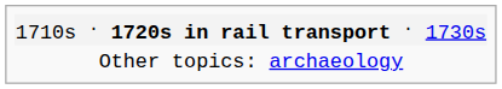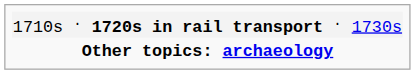 <table class="infobox">
 <tr style="background:#f3f3f3;">
 <td style="text-align:center;">1710s <sup>.</sup> <strong>1720s in rail transport</strong> <sup>.</sup> <a href='#'>1730s</a></td>
 </tr>
 <tr>
-<td style="text-align:center;">Other topics: <a href='#'>archaeology</a></td>
+<td style="text-align:center;"><strong>Other topics: <a href='#'>archaeology</a></strong></td>
 </tr>
 </table>
